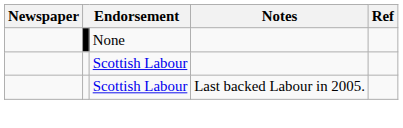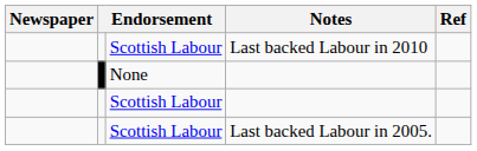 <table class="wikitable">
 <tr>
 <th>Newspaper</th>
 <th colspan="2">Endorsement</th>
 <th>Notes</th>
 <th>Ref</th>
+</tr>
+<tr>
+<td></td>
+<td style="background-color: "></td>
+<td><a href='#'>Scottish Labour</a></td>
+<td>Last backed Labour in 2010</td>
+<td></td>
 </tr>
 <tr>
 <td></td>
 <td style="background-color:black"></td>
 <td>None</td>
 <td></td>
 <td></td>
 </tr>
 <tr>
 <td></td>
 <td style="background-color: "></td>
 <td><a href='#'>Scottish Labour</a></td>
 <td></td>
 <td></td>
 </tr>
 <tr>
 <td></td>
 <td style="background-color: "></td>
 <td><a href='#'>Scottish Labour</a></td>
 <td>Last backed Labour in 2005.</td>
 <td></td>
 </tr>
 </table>
